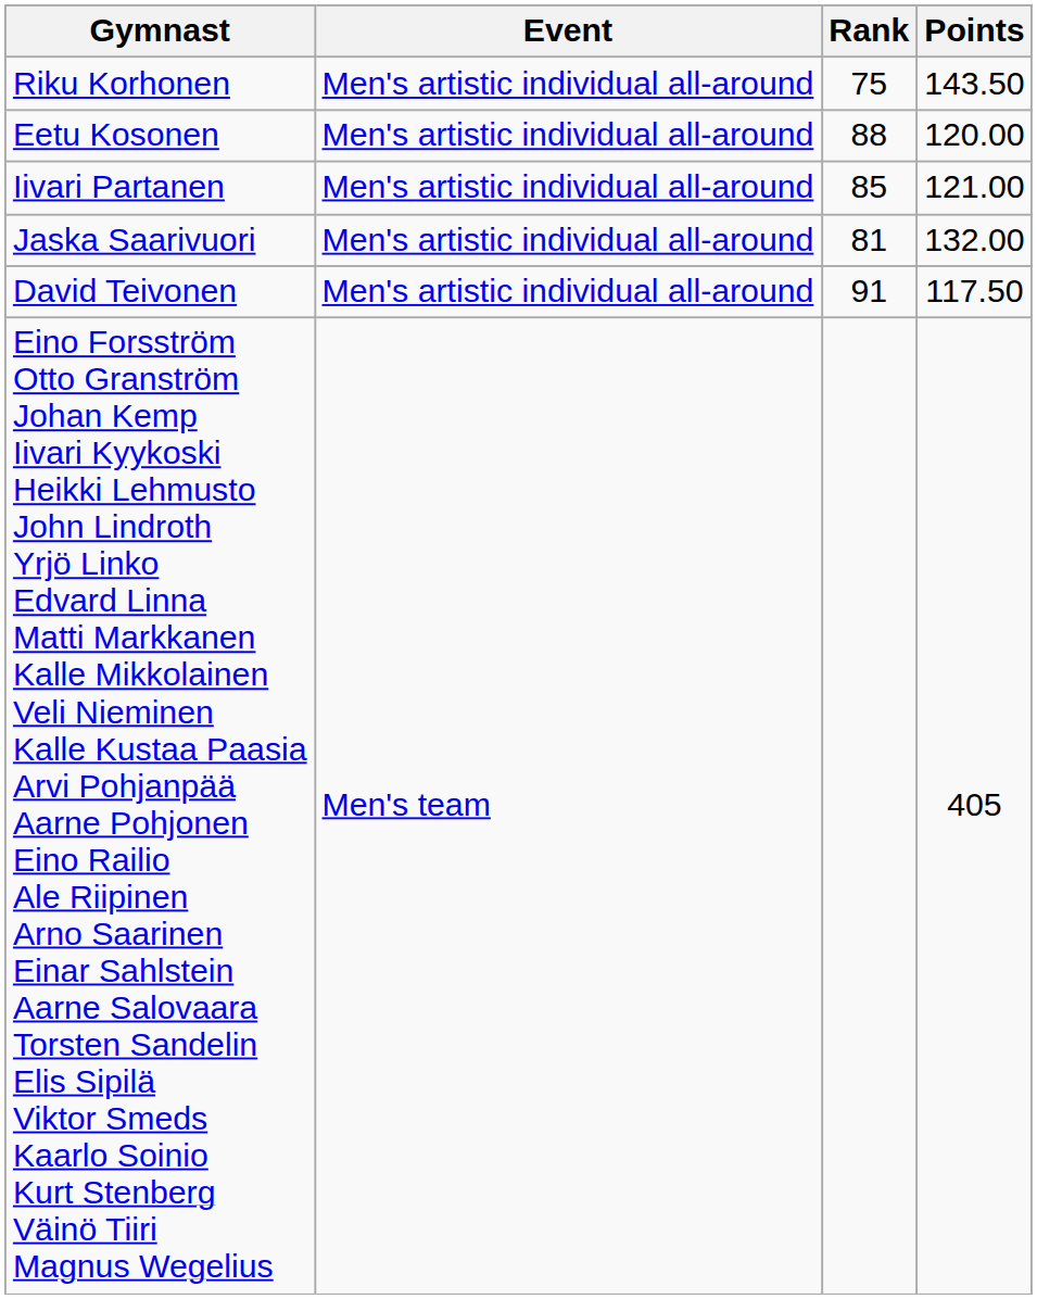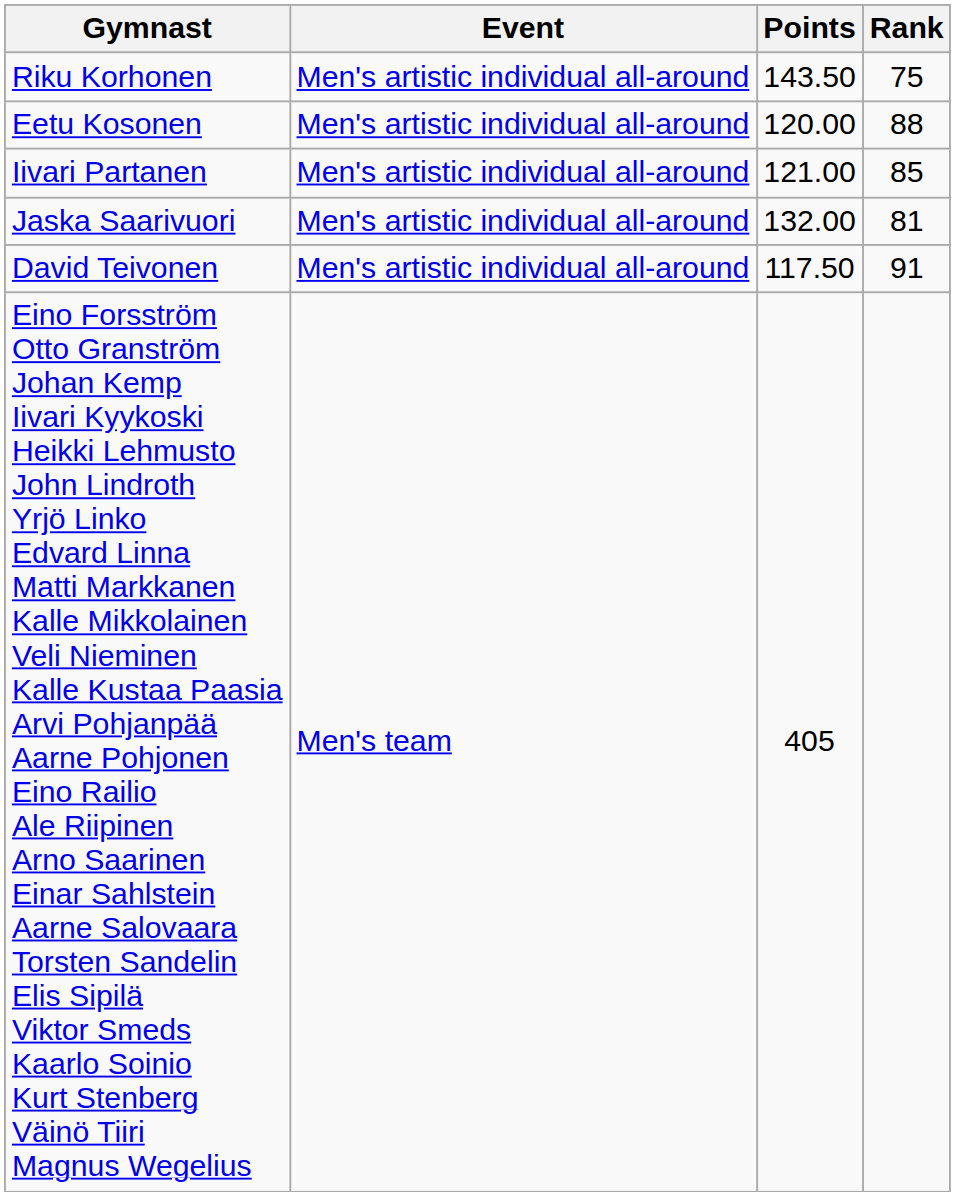 <table class="wikitable">
 <tr>
 <th>Gymnast</th>
 <th>Event</th>
+<th>Points</th>
 <th>Rank</th>
-<th>Points</th>
 </tr>
 <tr align=center>
 <td align=left><a href='#'>Riku Korhonen</a></td>
 <td align=left><a href='#'>Men's artistic individual all-around</a></td>
+<td>143.50</td>
 <td>75</td>
-<td>143.50</td>
 </tr>
 <tr align=center>
 <td align=left><a href='#'>Eetu Kosonen</a></td>
 <td align=left><a href='#'>Men's artistic individual all-around</a></td>
+<td>120.00</td>
 <td>88</td>
-<td>120.00</td>
 </tr>
 <tr align=center>
 <td align=left><a href='#'>Iivari Partanen</a></td>
 <td align=left><a href='#'>Men's artistic individual all-around</a></td>
+<td>121.00</td>
 <td>85</td>
-<td>121.00</td>
 </tr>
 <tr align=center>
 <td align=left><a href='#'>Jaska Saarivuori</a></td>
 <td align=left><a href='#'>Men's artistic individual all-around</a></td>
+<td>132.00</td>
 <td>81</td>
-<td>132.00</td>
 </tr>
 <tr align=center>
 <td align=left><a href='#'>David Teivonen</a></td>
 <td align=left><a href='#'>Men's artistic individual all-around</a></td>
+<td>117.50</td>
 <td>91</td>
-<td>117.50</td>
 </tr>
 <tr align=center>
 <td align=left><a href='#'>Eino Forsström</a><br><a href='#'>Otto Granström</a><br><a href='#'>Johan Kemp</a><br><a href='#'>Iivari Kyykoski</a><br><a href='#'>Heikki Lehmusto</a><br><a href='#'>John Lindroth</a><br><a href='#'>Yrjö Linko</a><br><a href='#'>Edvard Linna</a><br><a href='#'>Matti Markkanen</a><br><a href='#'>Kalle Mikkolainen</a><br><a href='#'>Veli Nieminen</a><br><a href='#'>Kalle Kustaa Paasia</a><br><a href='#'>Arvi Pohjanpää</a><br><a href='#'>Aarne Pohjonen</a><br><a href='#'>Eino Railio</a><br><a href='#'>Ale Riipinen</a><br><a href='#'>Arno Saarinen</a><br><a href='#'>Einar Sahlstein</a><br><a href='#'>Aarne Salovaara</a><br><a href='#'>Torsten Sandelin</a><br><a href='#'>Elis Sipilä</a><br><a href='#'>Viktor Smeds</a><br><a href='#'>Kaarlo Soinio</a><br><a href='#'>Kurt Stenberg</a><br><a href='#'>Väinö Tiiri</a><br><a href='#'>Magnus Wegelius</a></td>
 <td align=left><a href='#'>Men's team</a></td>
+<td>405</td>
 <td></td>
-<td>405</td>
 </tr>
 </table>
